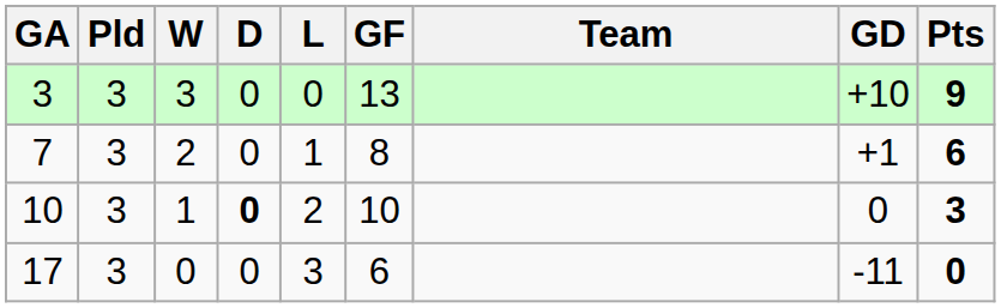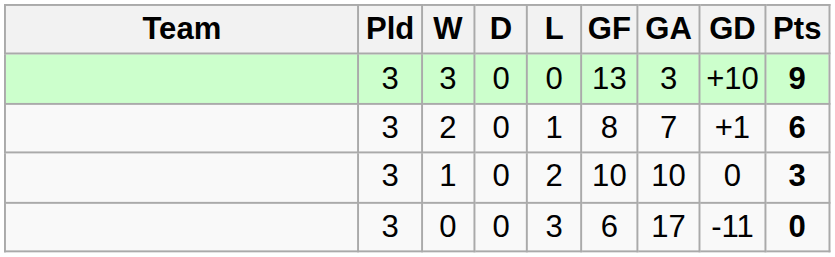 <table class="wikitable" style="text-align: center;">
 <tr>
-<th width="20">GA</th>
+<th style="width:175px;">Team</th>
 <th width="20">Pld</th>
 <th width="20">W</th>
 <th width="20">D</th>
 <th width="20">L</th>
 <th width="20">GF</th>
-<th style="width:175px;">Team</th>
+<th width="20">GA</th>
 <th width="20">GD</th>
 <th width="20">Pts</th>
 </tr>
 <tr style="background:#cfc;">
-<td>3</td>
+<td style="text-align:left;"></td>
 <td>3</td>
 <td>3</td>
 <td>0</td>
 <td>0</td>
 <td>13</td>
-<td style="text-align:left;"></td>
+<td>3</td>
 <td>+10</td>
 <td><strong>9</strong></td>
 </tr>
 <tr align=center>
-<td>7</td>
+<td style="text-align:left;"></td>
 <td>3</td>
 <td>2</td>
 <td>0</td>
 <td>1</td>
 <td>8</td>
-<td style="text-align:left;"></td>
+<td>7</td>
 <td>+1</td>
 <td><strong>6</strong></td>
 </tr>
 <tr align=center>
-<td>10</td>
+<td style="text-align:left;"></td>
 <td>3</td>
 <td>1</td>
-<td><strong>0</strong></td>
+<td>0</td>
 <td>2</td>
 <td>10</td>
-<td style="text-align:left;"></td>
+<td>10</td>
 <td>0</td>
 <td><strong>3</strong></td>
 </tr>
 <tr align=center>
-<td>17</td>
+<td style="text-align:left;"></td>
 <td>3</td>
 <td>0</td>
 <td>0</td>
 <td>3</td>
 <td>6</td>
-<td style="text-align:left;"></td>
+<td>17</td>
 <td>-11</td>
 <td><strong>0</strong></td>
 </tr>
 </table>
